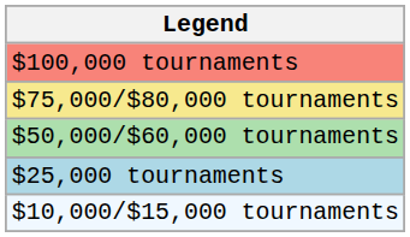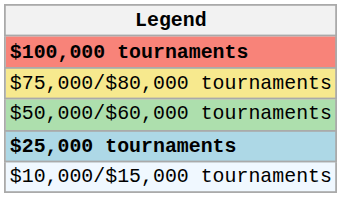 <table class=wikitable style="font-size:85%">
 <tr>
 <th>Legend</th>
 </tr>
 <tr style="background:#f88379;">
-<td>$100,000 tournaments</td>
+<td><strong>$100,000 tournaments</strong></td>
 </tr>
 <tr style="background:#f7e98e;">
 <td>$75,000/$80,000 tournaments</td>
 </tr>
 <tr style="background:#addfad;">
 <td>$50,000/$60,000 tournaments</td>
 </tr>
 <tr style="background:lightblue;">
-<td>$25,000 tournaments</td>
+<td><strong>$25,000 tournaments</strong></td>
 </tr>
 <tr style="background:#f0f8ff;">
 <td>$10,000/$15,000 tournaments</td>
 </tr>
 </table>
